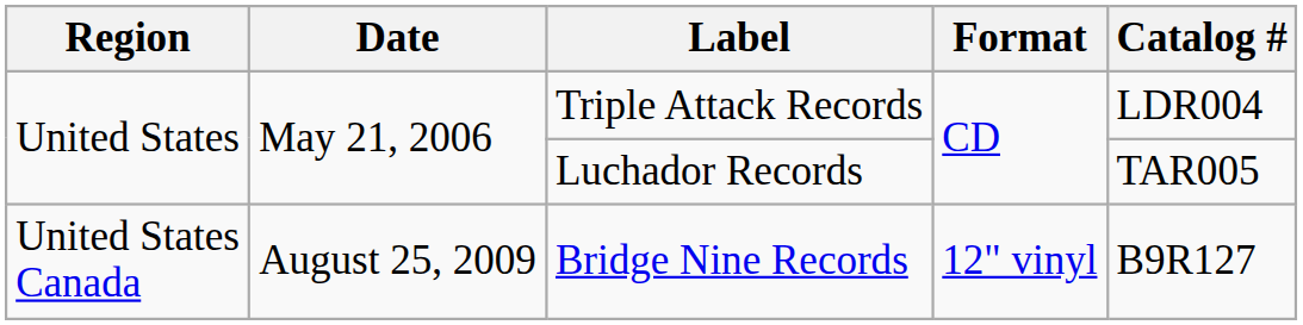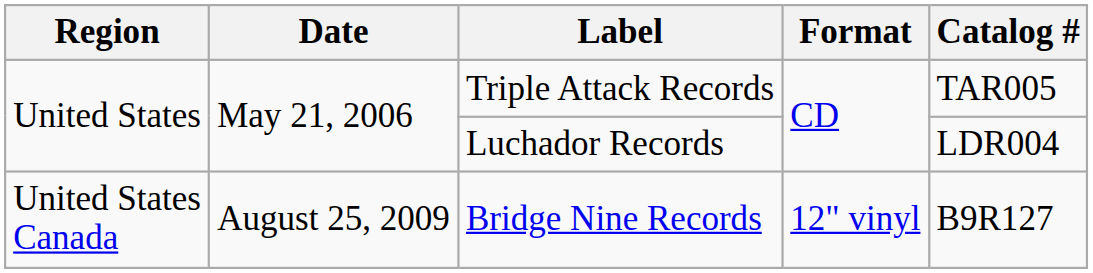 <table class="wikitable">
 <tr>
 <th>Region</th>
 <th>Date</th>
 <th>Label</th>
 <th>Format</th>
 <th>Catalog #</th>
 </tr>
 <tr>
 <td rowspan="2"> United States</td>
 <td rowspan="2">May 21, 2006</td>
 <td>Triple Attack Records</td>
 <td rowspan="2"><a href='#'>CD</a></td>
-<td>LDR004 </td>
+<td>TAR005  </td>
 </tr>
 <tr>
 <td>Luchador Records</td>
-<td>TAR005  </td>
+<td>LDR004 </td>
 </tr>
 <tr>
 <td rowspan="2"> United States<br> <a href='#'>Canada</a> </td>
 <td rowspan="2">August 25, 2009</td>
 <td rowspan="2"><a href='#'>Bridge Nine Records</a></td>
 <td rowspan="2"><a href='#'>12" vinyl</a></td>
 <td rowspan="2">B9R127</td>
 </tr>
 </table>
